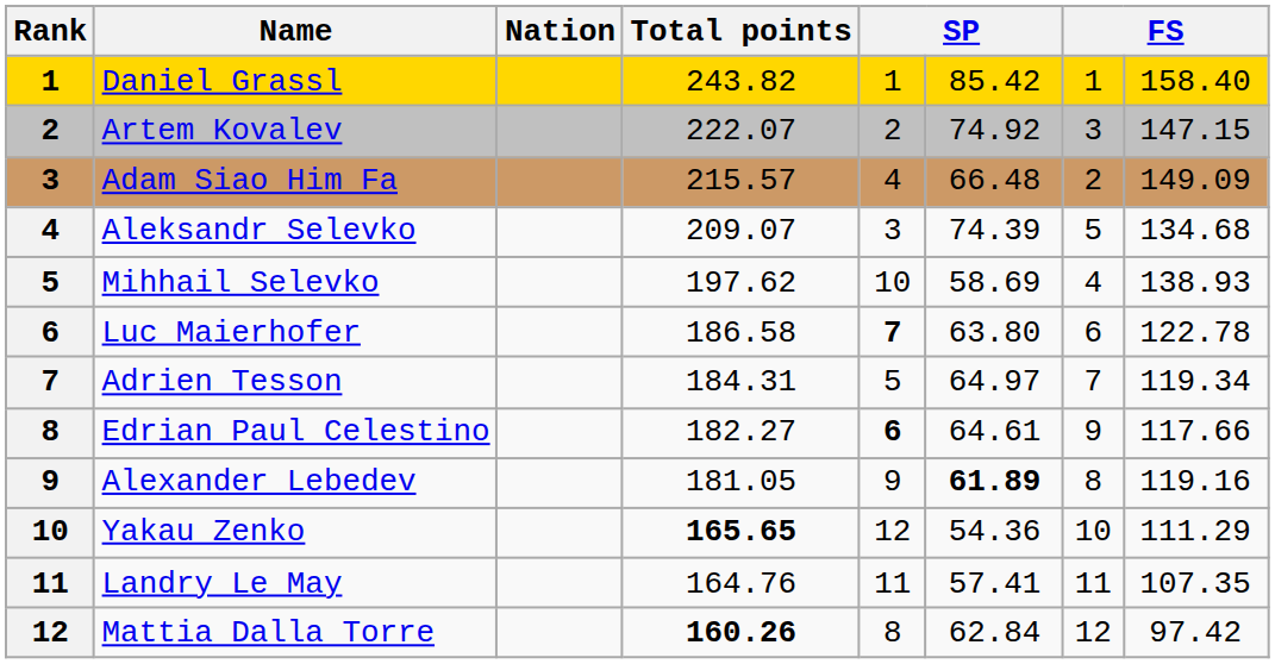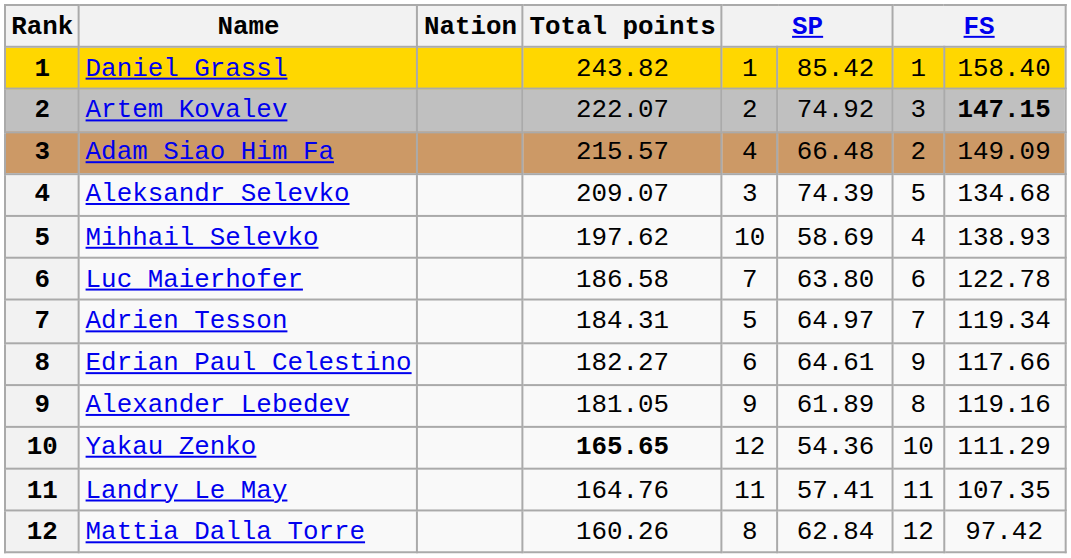 <table class="wikitable sortable">
 <tr>
 <th>Rank</th>
 <th>Name</th>
 <th>Nation</th>
 <th>Total points</th>
 <th colspan="2" width="80px"><a href='#'>SP</a></th>
 <th colspan="2" width="80px"><a href='#'>FS</a></th>
 </tr>
 <tr bgcolor="gold">
 <td align="center"><strong>1</strong></td>
 <td><a href='#'>Daniel Grassl</a></td>
 <td></td>
 <td align="center">243.82</td>
 <td align="center">1</td>
 <td align="center">85.42</td>
 <td align="center">1</td>
 <td align="center">158.40</td>
 </tr>
 <tr bgcolor="silver">
 <td align="center"><strong>2</strong></td>
 <td><a href='#'>Artem Kovalev</a></td>
 <td></td>
 <td align="center">222.07</td>
 <td align="center">2</td>
 <td align="center">74.92</td>
 <td align="center">3</td>
-<td align="center">147.15</td>
+<td align="center"><strong>147.15</strong></td>
 </tr>
 <tr bgcolor="cc9966">
 <td align="center"><strong>3</strong></td>
 <td><a href='#'>Adam Siao Him Fa</a></td>
 <td></td>
 <td align="center">215.57</td>
 <td align="center">4</td>
 <td align="center">66.48</td>
 <td align="center">2</td>
 <td align="center">149.09</td>
 </tr>
 <tr>
 <th>4</th>
 <td><a href='#'>Aleksandr Selevko</a></td>
 <td></td>
 <td align="center">209.07</td>
 <td align="center">3</td>
 <td align="center">74.39</td>
 <td align="center">5</td>
 <td align="center">134.68</td>
 </tr>
 <tr>
 <th>5</th>
 <td><a href='#'>Mihhail Selevko</a></td>
 <td></td>
 <td align="center">197.62</td>
 <td align="center">10</td>
 <td align="center">58.69</td>
 <td align="center">4</td>
 <td align="center">138.93</td>
 </tr>
 <tr>
 <th>6</th>
 <td><a href='#'>Luc Maierhofer</a></td>
 <td></td>
 <td align="center">186.58</td>
-<td align="center"><strong>7</strong></td>
+<td align="center">7</td>
 <td align="center">63.80</td>
 <td align="center">6</td>
 <td align="center">122.78</td>
 </tr>
 <tr>
 <th>7</th>
 <td><a href='#'>Adrien Tesson</a></td>
 <td></td>
 <td align="center">184.31</td>
 <td align="center">5</td>
 <td align="center">64.97</td>
 <td align="center">7</td>
 <td align="center">119.34</td>
 </tr>
 <tr>
 <th>8</th>
 <td><a href='#'>Edrian Paul Celestino</a></td>
 <td></td>
 <td align="center">182.27</td>
-<td align="center"><strong>6</strong></td>
+<td align="center">6</td>
 <td align="center">64.61</td>
 <td align="center">9</td>
 <td align="center">117.66</td>
 </tr>
 <tr>
 <th>9</th>
 <td><a href='#'>Alexander Lebedev</a></td>
 <td></td>
 <td align="center">181.05</td>
 <td align="center">9</td>
-<td align="center"><strong>61.89</strong></td>
+<td align="center">61.89</td>
 <td align="center">8</td>
 <td align="center">119.16</td>
 </tr>
 <tr>
 <th>10</th>
 <td><a href='#'>Yakau Zenko</a></td>
 <td></td>
 <td align="center"><strong>165.65</strong></td>
 <td align="center">12</td>
 <td align="center">54.36</td>
 <td align="center">10</td>
 <td align="center">111.29</td>
 </tr>
 <tr>
 <th>11</th>
 <td><a href='#'>Landry Le May</a></td>
 <td></td>
 <td align="center">164.76</td>
 <td align="center">11</td>
 <td align="center">57.41</td>
 <td align="center">11</td>
 <td align="center">107.35</td>
 </tr>
 <tr>
 <th>12</th>
 <td><a href='#'>Mattia Dalla Torre</a></td>
 <td></td>
-<td align="center"><strong>160.26</strong></td>
+<td align="center">160.26</td>
 <td align="center">8</td>
 <td align="center">62.84</td>
 <td align="center">12</td>
 <td align="center">97.42</td>
 </tr>
 </table>
